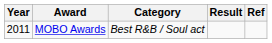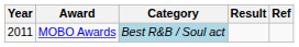 <table class="wikitable sortable">
 <tr>
 <th>Year</th>
 <th>Award</th>
 <th>Category</th>
 <th>Result</th>
 <th>Ref</th>
 </tr>
 <tr>
 <td rowspan="2" style="text-align:center;">2011</td>
 <td style="text-align:center;"><a href='#'>MOBO Awards</a></td>
-<td style="text-align:center;"><em>Best R&B / Soul act</em></td>
+<td style="background: lightblue; text-align:center;"><em>Best R&B / Soul act</em></td>
 <td></td>
 <td style="text-align:center;"></td>
 </tr>
 </table>
